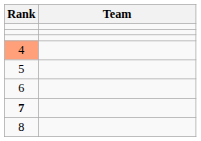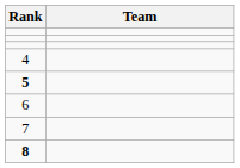 <table class="wikitable" style="text-align:center">
 <tr>
 <th width=20>Rank</th>
 <th width=200>Team</th>
 </tr>
 <tr>
 <td></td>
 <td style="text-align:left;"></td>
 </tr>
 <tr>
 <td></td>
 <td style="text-align:left;"></td>
 </tr>
 <tr>
 <td></td>
 <td style="text-align:left;"></td>
 </tr>
 <tr>
-<td style="background: lightsalmon;">4</td>
+<td>4</td>
 <td style="text-align:left;"></td>
 </tr>
 <tr>
-<td>5</td>
+<td><strong>5</strong></td>
 <td style="text-align:left;"></td>
 </tr>
 <tr>
 <td>6</td>
 <td style="text-align:left;"></td>
 </tr>
 <tr>
-<td><strong>7</strong></td>
+<td>7</td>
 <td style="text-align:left;"></td>
 </tr>
 <tr>
-<td>8</td>
+<td><strong>8</strong></td>
 <td style="text-align:left;"></td>
 </tr>
 </table>
